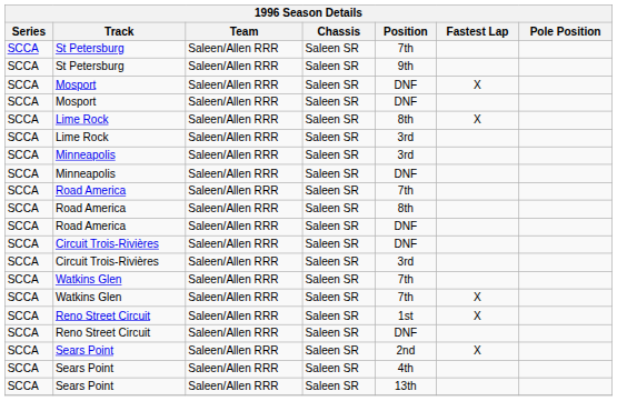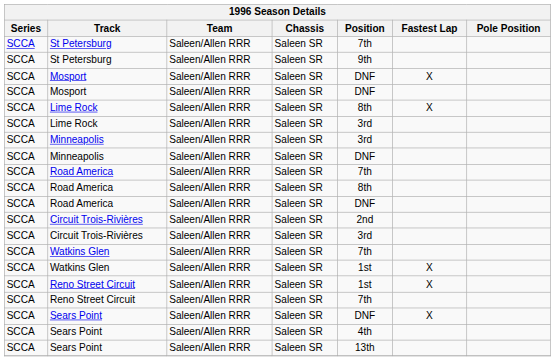 <table class="wikitable collapsible collapsed">
 <tr>
 <th colspan="7" width="875px">1996 Season Details</th>
 </tr>
 <tr>
 <th scope="col">Series</th>
 <th scope="col">Track</th>
 <th scope="col">Team</th>
 <th scope="col">Chassis</th>
 <th scope="col">Position</th>
 <th scope="col">Fastest Lap</th>
 <th scope="col">Pole Position</th>
 </tr>
 <tr>
 <td><a href='#'>SCCA</a></td>
 <td><a href='#'>St Petersburg</a></td>
 <td>Saleen/Allen RRR</td>
 <td>Saleen SR</td>
 <td style="text-align:center">7th</td>
 <td style="text-align:center"></td>
 <td style="text-align:center"></td>
 </tr>
 <tr>
 <td>SCCA</td>
 <td>St Petersburg</td>
 <td>Saleen/Allen RRR</td>
 <td>Saleen SR</td>
 <td style="text-align:center">9th</td>
 <td style="text-align:center"></td>
 <td style="text-align:center"></td>
 </tr>
 <tr>
 <td>SCCA</td>
 <td><a href='#'>Mosport</a></td>
 <td>Saleen/Allen RRR</td>
 <td>Saleen SR</td>
 <td style="text-align:center">DNF</td>
 <td style="text-align:center">X</td>
 <td style="text-align:center"></td>
 </tr>
 <tr>
 <td>SCCA</td>
 <td>Mosport</td>
 <td>Saleen/Allen RRR</td>
 <td>Saleen SR</td>
 <td style="text-align:center">DNF</td>
 <td style="text-align:center"></td>
 <td style="text-align:center"></td>
 </tr>
 <tr>
 <td>SCCA</td>
 <td><a href='#'>Lime Rock</a></td>
 <td>Saleen/Allen RRR</td>
 <td>Saleen SR</td>
 <td style="text-align:center">8th</td>
 <td style="text-align:center">X</td>
 <td style="text-align:center"></td>
 </tr>
 <tr>
 <td>SCCA</td>
 <td>Lime Rock</td>
 <td>Saleen/Allen RRR</td>
 <td>Saleen SR</td>
 <td style="text-align:center">3rd</td>
 <td style="text-align:center"></td>
 <td style="text-align:center"></td>
 </tr>
 <tr>
 <td>SCCA</td>
 <td><a href='#'>Minneapolis</a></td>
 <td>Saleen/Allen RRR</td>
 <td>Saleen SR</td>
 <td style="text-align:center">3rd</td>
 <td style="text-align:center"></td>
 <td style="text-align:center"></td>
 </tr>
 <tr>
 <td>SCCA</td>
 <td>Minneapolis</td>
 <td>Saleen/Allen RRR</td>
 <td>Saleen SR</td>
 <td style="text-align:center">DNF</td>
 <td style="text-align:center"></td>
 <td style="text-align:center"></td>
 </tr>
 <tr>
 <td>SCCA</td>
 <td><a href='#'>Road America</a></td>
 <td>Saleen/Allen RRR</td>
 <td>Saleen SR</td>
 <td style="text-align:center">7th</td>
 <td style="text-align:center"></td>
 <td style="text-align:center"></td>
 </tr>
 <tr>
 <td>SCCA</td>
 <td>Road America</td>
 <td>Saleen/Allen RRR</td>
 <td>Saleen SR</td>
 <td style="text-align:center">8th</td>
 <td style="text-align:center"></td>
 <td style="text-align:center"></td>
 </tr>
 <tr>
 <td>SCCA</td>
 <td>Road America</td>
 <td>Saleen/Allen RRR</td>
 <td>Saleen SR</td>
 <td style="text-align:center">DNF</td>
 <td style="text-align:center"></td>
 <td style="text-align:center"></td>
 </tr>
 <tr>
 <td>SCCA</td>
 <td><a href='#'>Circuit Trois-Rivières</a></td>
 <td>Saleen/Allen RRR</td>
 <td>Saleen SR</td>
-<td style="text-align:center">DNF</td>
+<td style="text-align:center">2nd</td>
 <td style="text-align:center"></td>
 <td style="text-align:center"></td>
 </tr>
 <tr>
 <td>SCCA</td>
 <td>Circuit Trois-Rivières</td>
 <td>Saleen/Allen RRR</td>
 <td>Saleen SR</td>
 <td style="text-align:center">3rd</td>
 <td style="text-align:center"></td>
 <td style="text-align:center"></td>
 </tr>
 <tr>
 <td>SCCA</td>
 <td><a href='#'>Watkins Glen</a></td>
 <td>Saleen/Allen RRR</td>
 <td>Saleen SR</td>
 <td style="text-align:center">7th</td>
 <td style="text-align:center"></td>
 <td style="text-align:center"></td>
 </tr>
 <tr>
 <td>SCCA</td>
 <td>Watkins Glen</td>
 <td>Saleen/Allen RRR</td>
 <td>Saleen SR</td>
-<td style="text-align:center">7th</td>
+<td style="text-align:center">1st</td>
 <td style="text-align:center">X</td>
 <td style="text-align:center"></td>
 </tr>
 <tr>
 <td>SCCA</td>
 <td><a href='#'>Reno Street Circuit</a></td>
 <td>Saleen/Allen RRR</td>
 <td>Saleen SR</td>
 <td style="text-align:center">1st</td>
 <td style="text-align:center">X</td>
 <td style="text-align:center"></td>
 </tr>
 <tr>
 <td>SCCA</td>
 <td>Reno Street Circuit</td>
 <td>Saleen/Allen RRR</td>
 <td>Saleen SR</td>
-<td style="text-align:center">DNF</td>
+<td style="text-align:center">7th</td>
 <td style="text-align:center"></td>
 <td style="text-align:center"></td>
 </tr>
 <tr>
 <td>SCCA</td>
 <td><a href='#'>Sears Point</a></td>
 <td>Saleen/Allen RRR</td>
 <td>Saleen SR</td>
-<td style="text-align:center">2nd</td>
+<td style="text-align:center">DNF</td>
 <td style="text-align:center">X</td>
 <td style="text-align:center"></td>
 </tr>
 <tr>
 <td>SCCA</td>
 <td>Sears Point</td>
 <td>Saleen/Allen RRR</td>
 <td>Saleen SR</td>
 <td style="text-align:center">4th</td>
 <td style="text-align:center"></td>
 <td style="text-align:center"></td>
 </tr>
 <tr>
 <td>SCCA</td>
 <td>Sears Point</td>
 <td>Saleen/Allen RRR</td>
 <td>Saleen SR</td>
 <td style="text-align:center">13th</td>
 <td style="text-align:center"></td>
 <td style="text-align:center"></td>
 </tr>
 <tr>
 </tr>
 </table>
